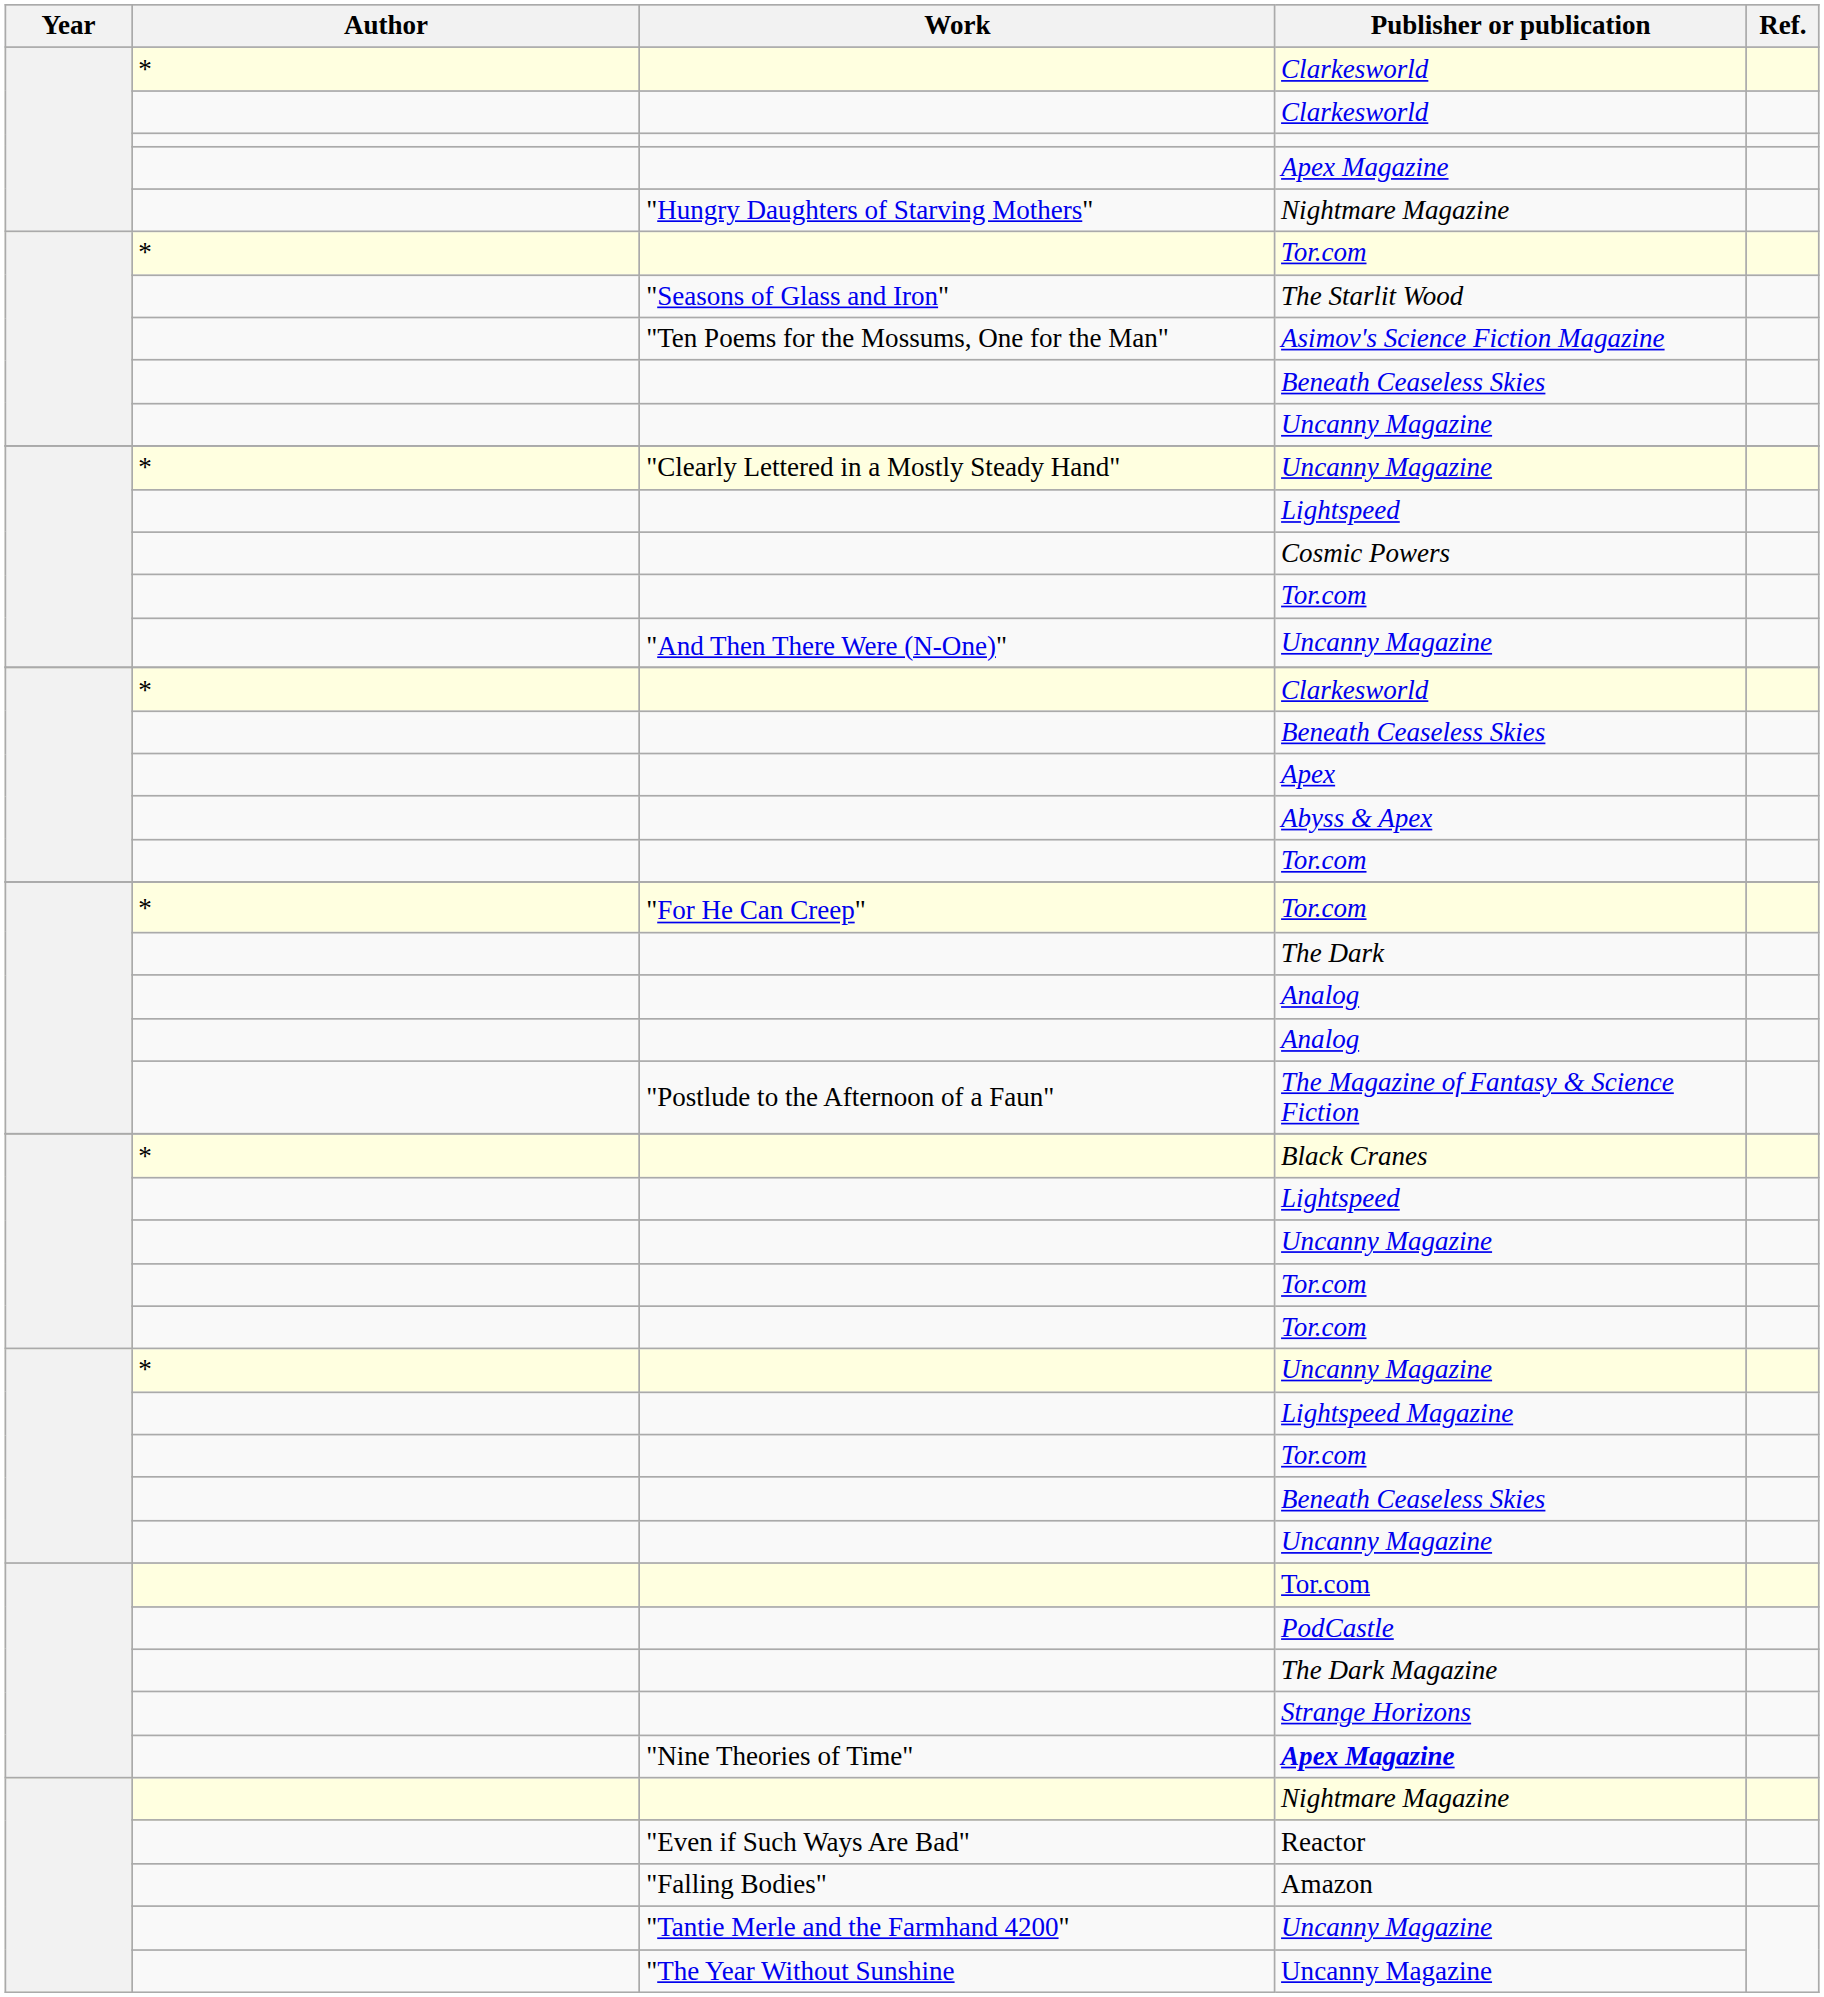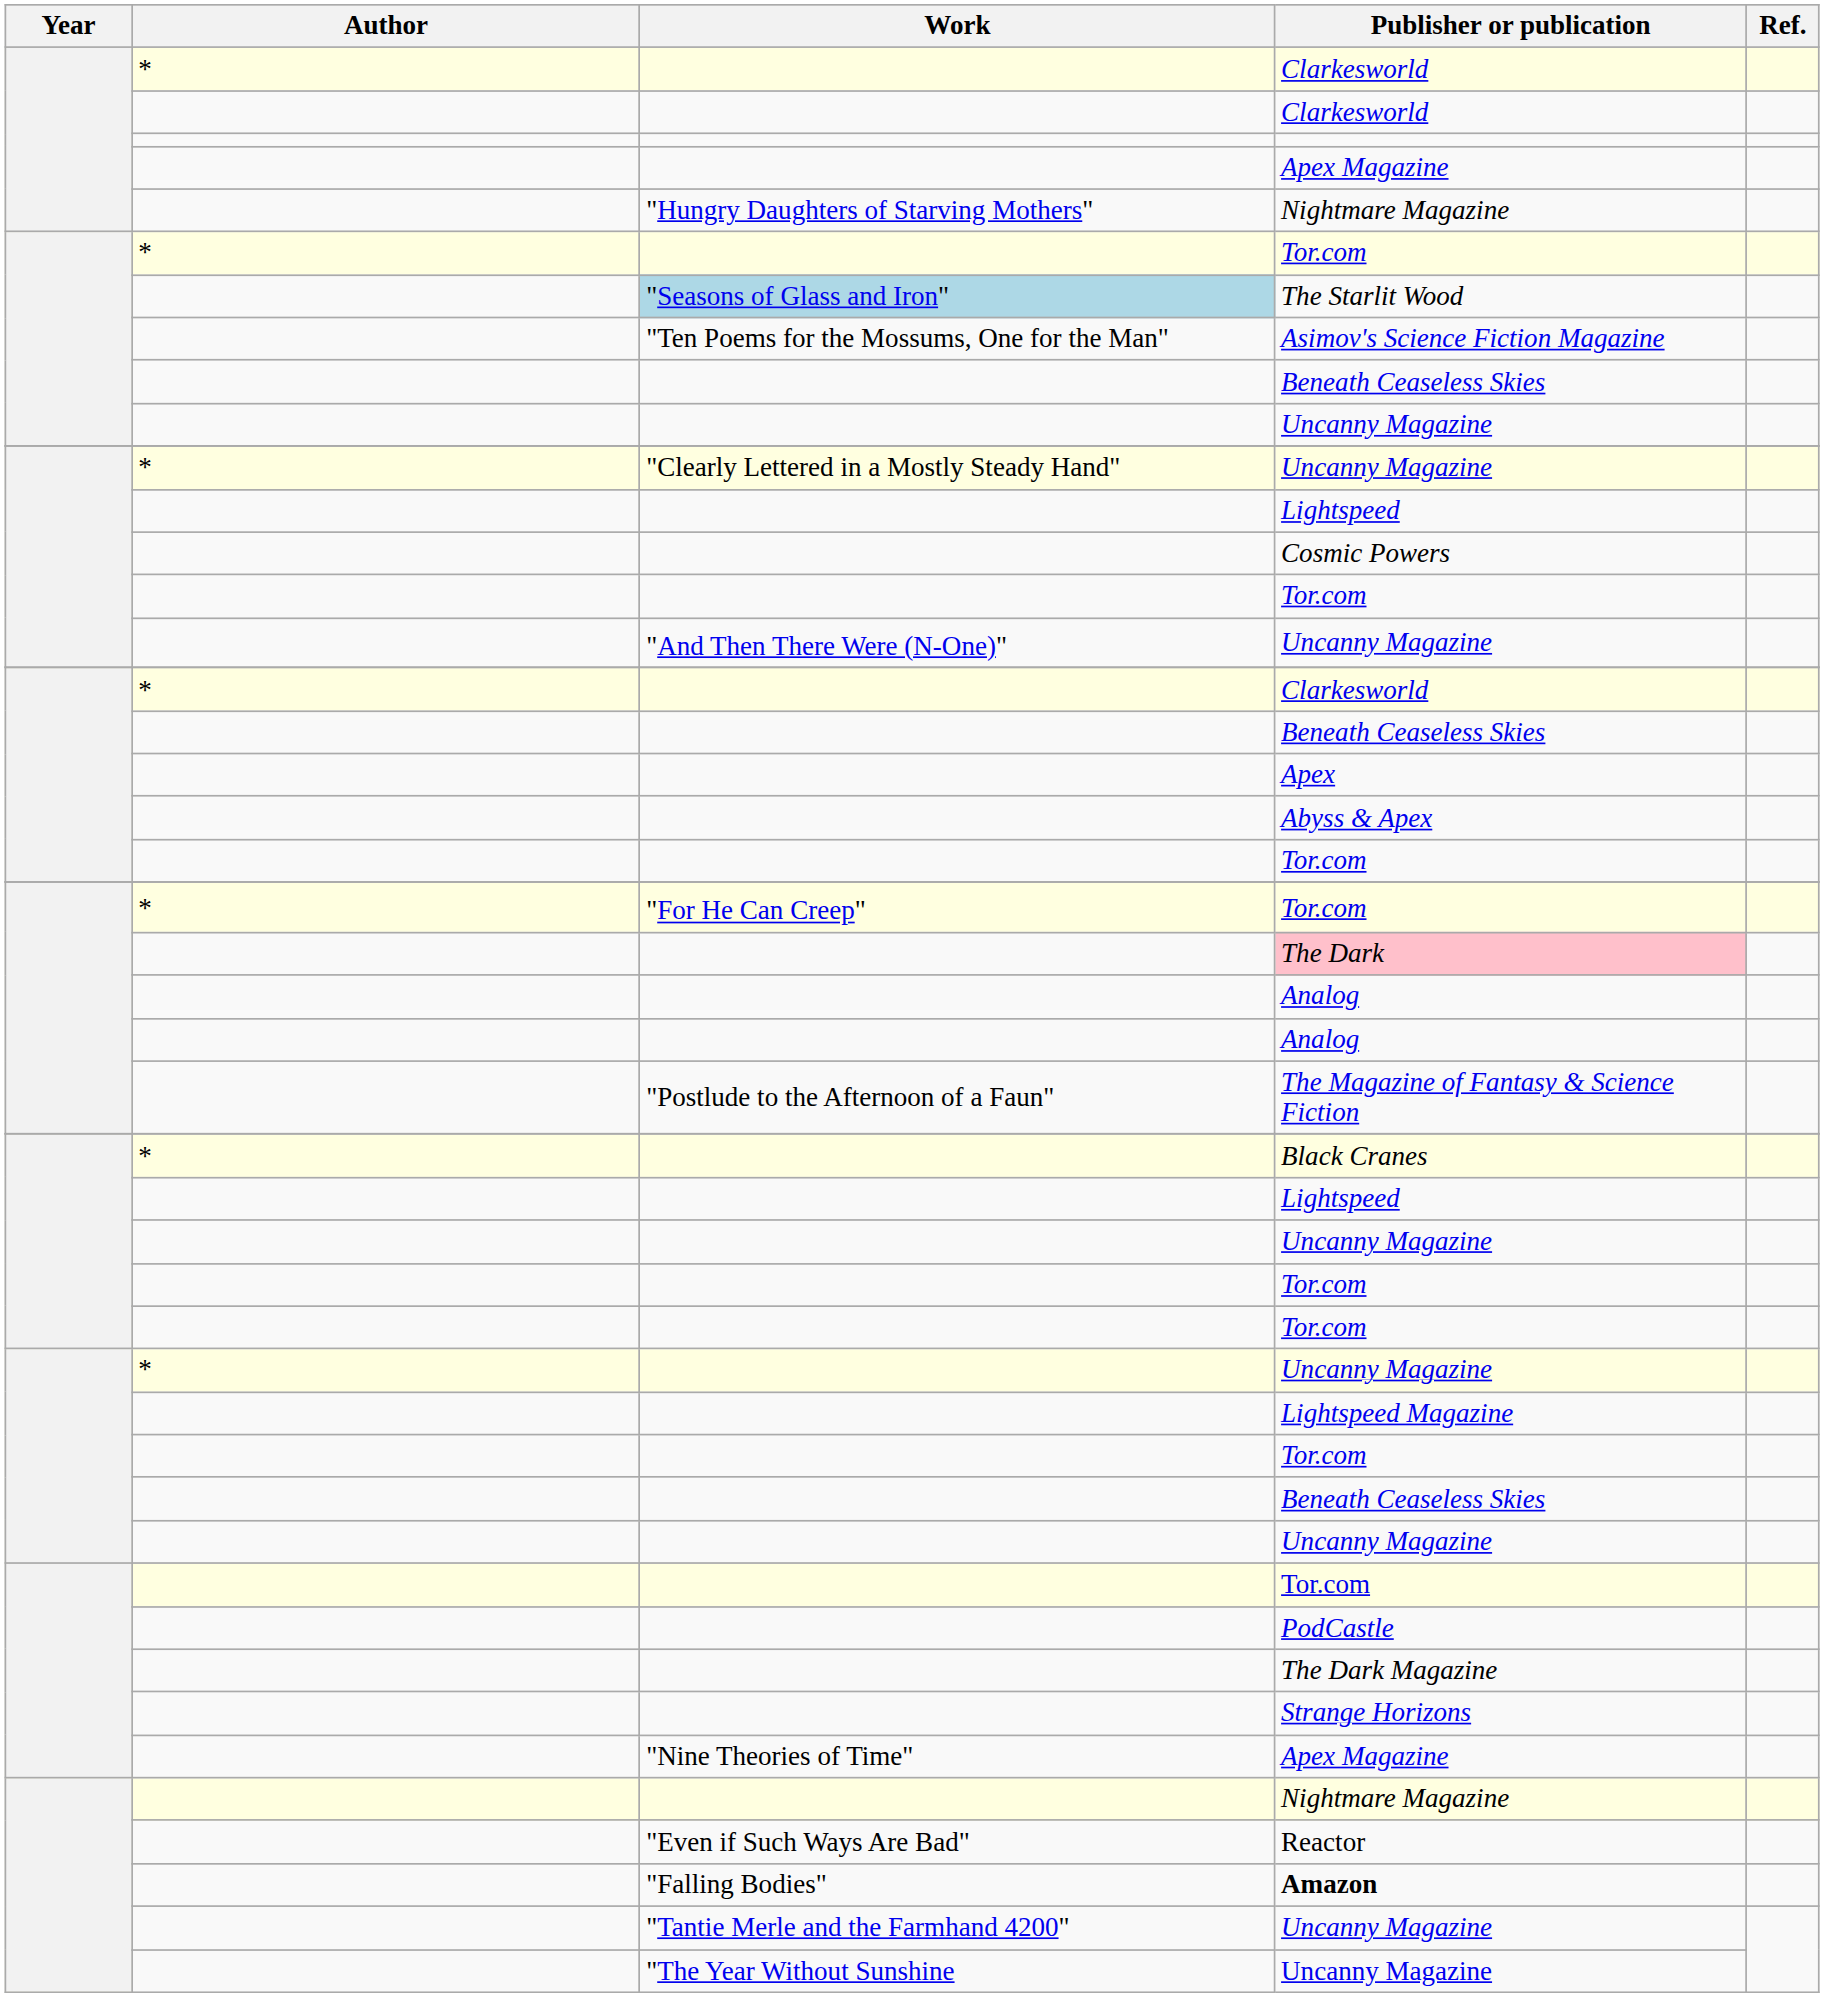 <table class="sortable wikitable" width="85%" cellpadding="5" style="margin: 1em auto 1em auto">
 <tr>
 <th width="7%" scope="col">Year</th>
 <th width="28%" scope="col">Author</th>
 <th width="35%" scope="col">Work</th>
 <th width="26%" scope="col">Publisher or publication</th>
 <th width="4%" scope="col" class="unsortable">Ref.</th>
 </tr>
 <tr style="background:lightyellow;">
 <th scope="row" align="center" rowspan="5" style="font-weight:normal;"></th>
 <td>*</td>
 <td></td>
 <td><em><a href='#'>Clarkesworld</a></em></td>
 <td align="center"></td>
 </tr>
 <tr>
 <td></td>
 <td></td>
 <td><em><a href='#'>Clarkesworld</a></em></td>
 <td align="center"></td>
 </tr>
 <tr>
 <td></td>
 <td></td>
 <td></td>
 <td align="center"></td>
 </tr>
 <tr>
 <td></td>
 <td></td>
 <td><em><a href='#'>Apex Magazine</a></em></td>
 <td align="center"></td>
 </tr>
 <tr>
 <td></td>
 <td>"<a href='#'>Hungry Daughters of Starving Mothers</a>"</td>
 <td><em>Nightmare Magazine</em></td>
 <td align="center"></td>
 </tr>
 <tr style="background:lightyellow;">
 <th scope="row" align="center" rowspan="5" style="font-weight:normal;"></th>
 <td>*</td>
 <td></td>
 <td><em><a href='#'>Tor.com</a></em></td>
 <td align="center"></td>
 </tr>
 <tr>
 <td></td>
-<td>"<a href='#'>Seasons of Glass and Iron</a>"</td>
+<td style="background: lightblue;">"<a href='#'>Seasons of Glass and Iron</a>"</td>
 <td><em>The Starlit Wood</em></td>
 <td align="center"></td>
 </tr>
 <tr>
 <td></td>
 <td>"Ten Poems for the Mossums, One for the Man"</td>
 <td><em><a href='#'>Asimov's Science Fiction Magazine</a></em></td>
 <td align="center"></td>
 </tr>
 <tr>
 <td></td>
 <td></td>
 <td><em><a href='#'>Beneath Ceaseless Skies</a></em></td>
 <td align="center"></td>
 </tr>
 <tr>
 <td></td>
 <td></td>
 <td><em><a href='#'>Uncanny Magazine</a></em></td>
 <td align="center"></td>
 </tr>
 <tr>
 </tr>
 <tr style="background:lightyellow;">
 <th scope="row" align="center" rowspan="5" style="font-weight:normal;"></th>
 <td>*</td>
 <td>"Clearly Lettered in a Mostly Steady Hand"</td>
 <td><em><a href='#'>Uncanny Magazine</a></em></td>
 <td align="center"></td>
 </tr>
 <tr>
 <td></td>
 <td></td>
 <td><em><a href='#'>Lightspeed</a></em></td>
 <td align="center"></td>
 </tr>
 <tr>
 <td></td>
 <td></td>
 <td><em>Cosmic Powers</em></td>
 <td align="center"></td>
 </tr>
 <tr>
 <td></td>
 <td></td>
 <td><em><a href='#'>Tor.com</a></em></td>
 <td align="center"></td>
 </tr>
 <tr>
 <td></td>
 <td>"<a href='#'>And Then There Were (N-One)</a>"<sup></sup></td>
 <td><em><a href='#'>Uncanny Magazine</a></em></td>
 <td align="center"></td>
 </tr>
 <tr>
 </tr>
 <tr style="background:lightyellow;">
 <th scope="row" align="center" rowspan="5" style="font-weight:normal;"></th>
 <td>*</td>
 <td></td>
 <td><em><a href='#'>Clarkesworld</a></em></td>
 <td align="center"></td>
 </tr>
 <tr>
 <td></td>
 <td></td>
 <td><em><a href='#'>Beneath Ceaseless Skies</a></em></td>
 <td align="center"></td>
 </tr>
 <tr>
 <td></td>
 <td></td>
 <td><em><a href='#'>Apex</a></em></td>
 <td align="center"></td>
 </tr>
 <tr>
 <td></td>
 <td></td>
 <td><em><a href='#'>Abyss & Apex</a></em></td>
 <td align="center"></td>
 </tr>
 <tr>
 <td></td>
 <td></td>
 <td><em><a href='#'>Tor.com</a></em></td>
 <td align="center"></td>
 </tr>
 <tr>
 </tr>
 <tr style="background:lightyellow;">
 <th scope="row" align="center" rowspan="5" style="font-weight:normal;"></th>
 <td>*</td>
 <td>"<a href='#'>For He Can Creep</a>"<sup></sup></td>
 <td><em><a href='#'>Tor.com</a></em></td>
 <td align="center"></td>
 </tr>
 <tr>
 <td></td>
 <td></td>
-<td><em>The Dark</em></td>
+<td style="background: pink;"><em>The Dark</em></td>
 <td align="center"></td>
 </tr>
 <tr>
 <td></td>
 <td></td>
 <td><em><a href='#'>Analog</a></em></td>
 <td align="center"></td>
 </tr>
 <tr>
 <td></td>
 <td></td>
 <td><em><a href='#'>Analog</a></em></td>
 <td align="center"></td>
 </tr>
 <tr>
 <td></td>
 <td>"Postlude to the Afternoon of a Faun"</td>
 <td><em><a href='#'>The Magazine of Fantasy & Science Fiction</a></em></td>
 <td align="center"></td>
 </tr>
 <tr>
 </tr>
 <tr style="background:lightyellow;">
 <th scope="row" align="center" rowspan="5" style="font-weight:normal;"></th>
 <td>*</td>
 <td></td>
 <td><em>Black Cranes</em></td>
 <td align="center"></td>
 </tr>
 <tr>
 <td></td>
 <td></td>
 <td><em><a href='#'>Lightspeed</a></em></td>
 <td align="center"></td>
 </tr>
 <tr>
 <td></td>
 <td></td>
 <td><em><a href='#'>Uncanny Magazine</a></em></td>
 <td></td>
 </tr>
 <tr>
 <td></td>
 <td></td>
 <td><em><a href='#'>Tor.com</a></em></td>
 <td align="center"></td>
 </tr>
 <tr>
 <td></td>
 <td></td>
 <td><em><a href='#'>Tor.com</a></em></td>
 <td align="center"></td>
 </tr>
 <tr style="background:lightyellow;">
 <th rowspan="5" scope="row" align="center" style="font-weight:normal;"></th>
 <td>*</td>
 <td></td>
 <td><em><a href='#'>Uncanny Magazine</a></em></td>
 <td align="center"></td>
 </tr>
 <tr>
 <td></td>
 <td></td>
 <td><em><a href='#'>Lightspeed Magazine</a></em></td>
 <td align="center"></td>
 </tr>
 <tr>
 <td></td>
 <td></td>
 <td><em><a href='#'>Tor.com</a></em></td>
 <td align="center"></td>
 </tr>
 <tr>
 <td></td>
 <td></td>
 <td><em><a href='#'>Beneath Ceaseless Skies</a></em></td>
 <td align="center"></td>
 </tr>
 <tr>
 <td></td>
 <td></td>
 <td><em><a href='#'>Uncanny Magazine</a></em></td>
 <td align="center"></td>
 </tr>
 <tr style="background:lightyellow;">
 <th scope="row" align="center" rowspan="5" style="font-weight:normal;"></th>
 <td></td>
 <td></td>
 <td><a href='#'>Tor.com</a></td>
 <td></td>
 </tr>
 <tr>
 <td></td>
 <td></td>
 <td><em><a href='#'>PodCastle</a></em></td>
 <td></td>
 </tr>
 <tr>
 <td></td>
 <td></td>
 <td><em>The Dark Magazine</em></td>
 <td></td>
 </tr>
 <tr>
 <td></td>
 <td></td>
 <td><em><a href='#'>Strange Horizons</a></em></td>
 <td></td>
 </tr>
 <tr>
 <td></td>
 <td>"Nine Theories of Time"</td>
-<td><strong><em><a href='#'>Apex Magazine</a></em></strong></td>
+<td><em><a href='#'>Apex Magazine</a></em></td>
 <td></td>
 </tr>
 <tr style="background:lightyellow;">
 <th scope="row" align="center" rowspan="5" style="font-weight:normal;"></th>
 <td></td>
 <td></td>
 <td><em>Nightmare Magazine</em></td>
 <td></td>
 </tr>
 <tr>
 <td></td>
 <td>"Even if Such Ways Are Bad"</td>
 <td>Reactor</td>
 <td></td>
 </tr>
 <tr>
 <td></td>
 <td>"Falling Bodies"</td>
-<td>Amazon</td>
+<td><strong>Amazon</strong></td>
 <td></td>
 </tr>
 <tr>
 <td></td>
 <td>"<a href='#'>Tantie Merle and the Farmhand 4200</a>"</td>
 <td><em><a href='#'>Uncanny Magazine</a></em></td>
 </tr>
 <tr>
 <td></td>
 <td>"<a href='#'>The Year Without Sunshine</a><em></td>
 <td></em><a href='#'>Uncanny Magazine</a><em></td>
 </tr>
 </table>
